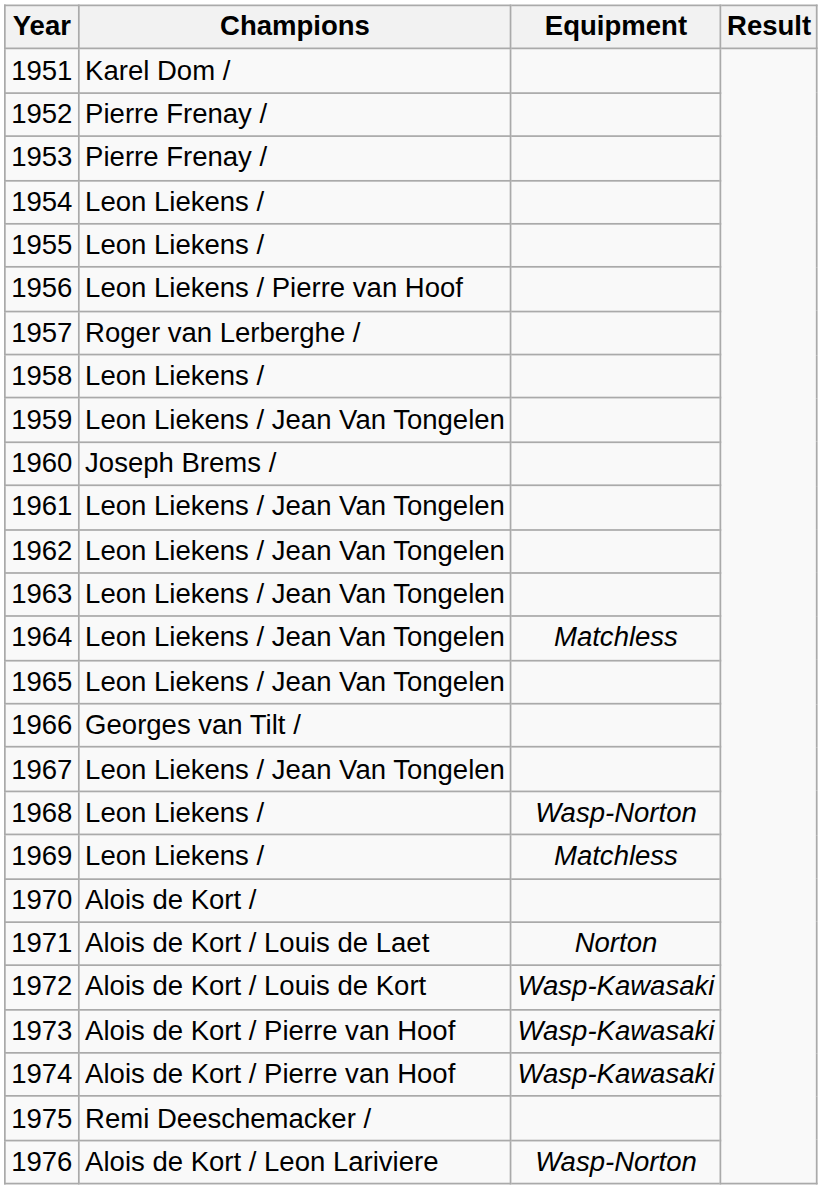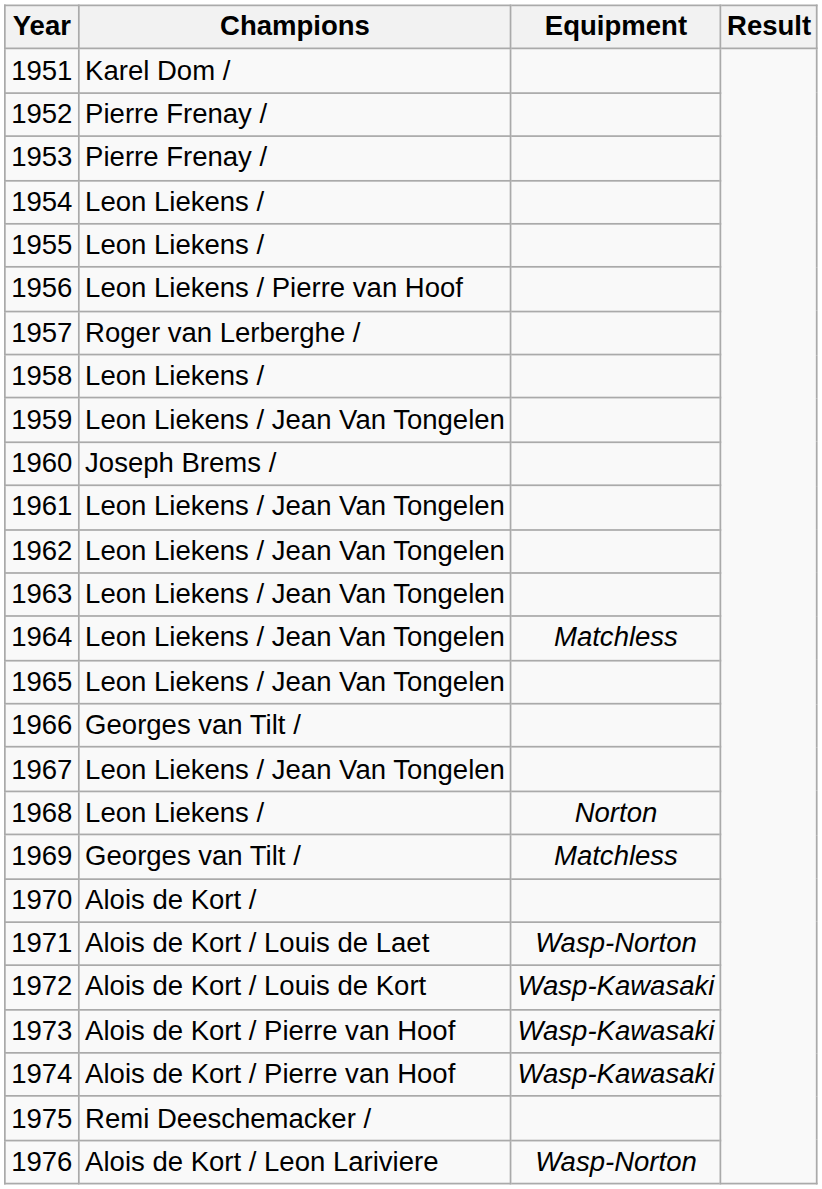 <table class="wikitable" style="display:inline-table;">
 <tr>
 <th>Year</th>
 <th>Champions</th>
 <th>Equipment</th>
 <th>Result</th>
 </tr>
 <tr align="center">
 <td>1951</td>
 <td align="left">Karel Dom /</td>
 <td></td>
 <td rowspan=26></td>
 </tr>
 <tr align="center">
 <td>1952</td>
 <td align="left">Pierre Frenay /</td>
 <td></td>
 </tr>
 <tr align="center">
 <td>1953</td>
 <td align="left">Pierre Frenay /</td>
 <td></td>
 </tr>
 <tr align="center">
 <td>1954</td>
 <td align="left">Leon Liekens /</td>
 <td></td>
 </tr>
 <tr align="center">
 <td>1955</td>
 <td align="left">Leon Liekens /</td>
 <td></td>
 </tr>
 <tr align="center">
 <td>1956</td>
 <td align="left">Leon Liekens / Pierre van Hoof</td>
 <td></td>
 </tr>
 <tr align="center">
 <td>1957</td>
 <td align="left">Roger van Lerberghe /</td>
 <td></td>
 </tr>
 <tr align="center">
 <td>1958</td>
 <td align="left">Leon Liekens /</td>
 <td></td>
 </tr>
 <tr align="center">
 <td>1959</td>
 <td align="left">Leon Liekens / Jean Van Tongelen</td>
 <td></td>
 </tr>
 <tr align="center">
 <td>1960</td>
 <td align="left">Joseph Brems /</td>
 <td></td>
 </tr>
 <tr align="center">
 <td>1961</td>
 <td align="left">Leon Liekens / Jean Van Tongelen</td>
 <td></td>
 </tr>
 <tr align="center">
 <td>1962</td>
 <td align="left">Leon Liekens / Jean Van Tongelen</td>
 <td></td>
 </tr>
 <tr align="center">
 <td>1963</td>
 <td align="left">Leon Liekens / Jean Van Tongelen</td>
 <td></td>
 </tr>
 <tr align="center">
 <td>1964</td>
 <td align="left">Leon Liekens / Jean Van Tongelen</td>
 <td><em>Matchless</em></td>
 </tr>
 <tr align="center">
 <td>1965</td>
 <td align="left">Leon Liekens / Jean Van Tongelen</td>
 <td></td>
 </tr>
 <tr align="center">
 <td>1966</td>
 <td align="left">Georges van Tilt /</td>
 <td></td>
 </tr>
 <tr align="center">
 <td>1967</td>
 <td align="left">Leon Liekens / Jean Van Tongelen</td>
 <td></td>
 </tr>
 <tr align="center">
 <td>1968</td>
 <td align="left">Leon Liekens /</td>
-<td><em>Wasp-Norton</em></td>
+<td><em>Norton</em></td>
 </tr>
 <tr align="center">
 <td>1969</td>
-<td align="left">Leon Liekens /</td>
+<td align="left">Georges van Tilt /</td>
 <td><em>Matchless</em></td>
 </tr>
 <tr align="center">
 <td>1970</td>
 <td align="left">Alois de Kort /</td>
 <td></td>
 </tr>
 <tr align="center">
 <td>1971</td>
 <td align="left">Alois de Kort / Louis de Laet</td>
-<td><em>Norton</em></td>
+<td><em>Wasp-Norton</em></td>
 </tr>
 <tr align="center">
 <td>1972</td>
 <td align="left">Alois de Kort / Louis de Kort</td>
 <td><em>Wasp-Kawasaki</em></td>
 </tr>
 <tr align="center">
 <td>1973</td>
 <td align="left">Alois de Kort / Pierre van Hoof</td>
 <td><em>Wasp-Kawasaki</em></td>
 </tr>
 <tr align="center">
 <td>1974</td>
 <td align="left">Alois de Kort / Pierre van Hoof</td>
 <td><em>Wasp-Kawasaki</em></td>
 </tr>
 <tr align="center">
 <td>1975</td>
 <td align="left">Remi Deeschemacker /</td>
 <td></td>
 </tr>
 <tr align="center">
 <td>1976</td>
 <td align="left">Alois de Kort / Leon Lariviere</td>
 <td><em>Wasp-Norton</em></td>
 </tr>
 </table>
